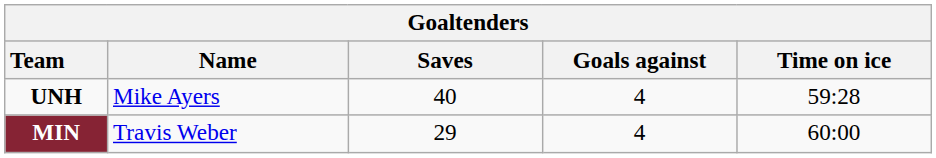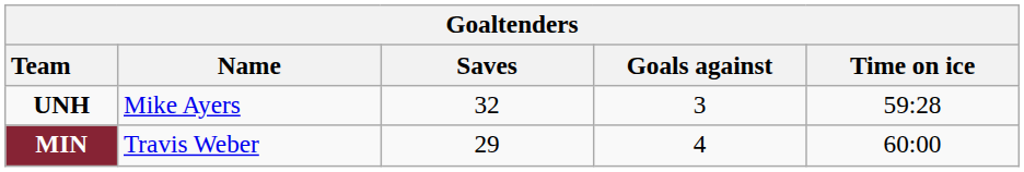 <table class="wikitable" style="width:40em; text-align:right;">
 <tr>
 <th colspan=5>Goaltenders</th>
 </tr>
 <tr>
 <th style="width:4em; text-align:left;">Team</th>
 <th style="width:10em;">Name</th>
 <th style="width:8em;">Saves</th>
 <th style="width:8em;">Goals against</th>
 <th style="width:8em;">Time on ice</th>
 </tr>
 <tr>
 <td align=center><strong>UNH</strong></td>
 <td style="text-align:left;"><a href='#'>Mike Ayers</a></td>
-<td align=center>40</td>
-<td align=center>4</td>
+<td align=center>32</td>
+<td align=center>3</td>
 <td align=center>59:28</td>
 </tr>
 <tr>
 <td align=center style="color:white; background:#862334; "><strong>MIN</strong></td>
 <td style="text-align:left;"><a href='#'>Travis Weber</a></td>
 <td align=center>29</td>
 <td align=center>4</td>
 <td align=center>60:00</td>
 </tr>
 </table>
